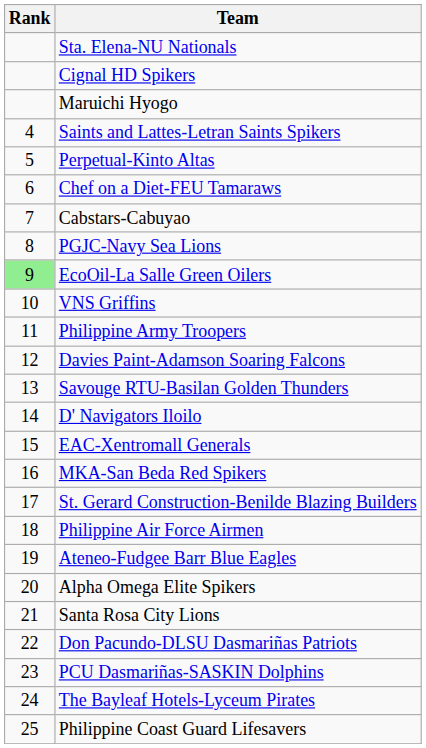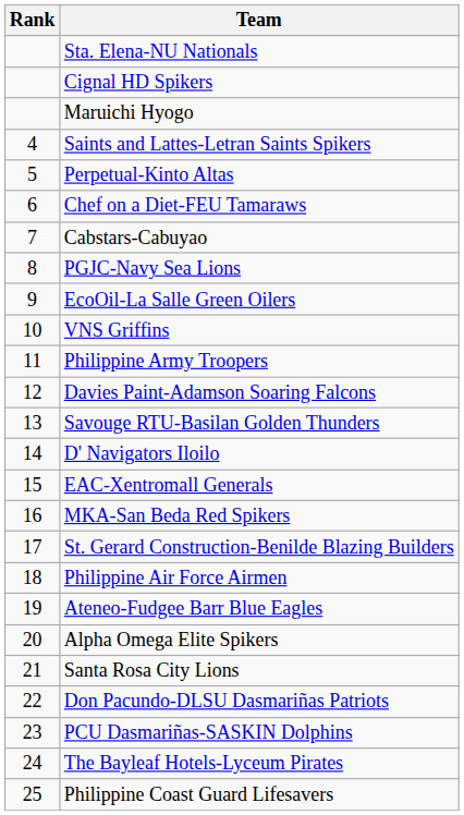 <table class="wikitable" style="text-align: center;">
 <tr>
 <th>Rank</th>
 <th>Team</th>
 </tr>
 <tr>
 <td></td>
 <td style="text-align:left"><a href='#'>Sta. Elena-NU Nationals</a></td>
 </tr>
 <tr>
 <td></td>
 <td style="text-align:left"><a href='#'>Cignal HD Spikers</a></td>
 </tr>
 <tr>
 <td></td>
 <td style="text-align:left">Maruichi Hyogo</td>
 </tr>
 <tr>
 <td>4</td>
 <td style="text-align:left"><a href='#'>Saints and Lattes-Letran Saints Spikers</a></td>
 </tr>
 <tr>
 <td>5</td>
 <td style="text-align:left"><a href='#'>Perpetual-Kinto Altas</a></td>
 </tr>
 <tr>
 <td>6</td>
 <td style="text-align:left"><a href='#'>Chef on a Diet-FEU Tamaraws</a></td>
 </tr>
 <tr>
 <td>7</td>
 <td style="text-align:left">Cabstars-Cabuyao</td>
 </tr>
 <tr>
 <td>8</td>
 <td style="text-align:left"><a href='#'>PGJC-Navy Sea Lions</a></td>
 </tr>
 <tr>
-<td style="background: lightgreen;">9</td>
+<td>9</td>
 <td style="text-align:left"><a href='#'>EcoOil-La Salle Green Oilers</a></td>
 </tr>
 <tr>
 <td>10</td>
 <td style="text-align:left"><a href='#'>VNS Griffins</a></td>
 </tr>
 <tr>
 <td>11</td>
 <td style="text-align:left"><a href='#'>Philippine Army Troopers</a></td>
 </tr>
 <tr>
 <td>12</td>
 <td style="text-align:left"><a href='#'>Davies Paint-Adamson Soaring Falcons</a></td>
 </tr>
 <tr>
 <td>13</td>
 <td style="text-align:left"><a href='#'>Savouge RTU-Basilan Golden Thunders</a></td>
 </tr>
 <tr>
 <td>14</td>
 <td style="text-align:left"><a href='#'>D' Navigators Iloilo</a></td>
 </tr>
 <tr>
 <td>15</td>
 <td style="text-align:left"><a href='#'>EAC-Xentromall Generals</a></td>
 </tr>
 <tr>
 <td>16</td>
 <td style="text-align:left"><a href='#'>MKA-San Beda Red Spikers</a></td>
 </tr>
 <tr>
 <td>17</td>
 <td style="text-align:left"><a href='#'>St. Gerard Construction-Benilde Blazing Builders</a></td>
 </tr>
 <tr>
 <td>18</td>
 <td style="text-align:left"><a href='#'>Philippine Air Force Airmen</a></td>
 </tr>
 <tr>
 <td>19</td>
 <td style="text-align:left"><a href='#'>Ateneo-Fudgee Barr Blue Eagles</a></td>
 </tr>
 <tr>
 <td>20</td>
 <td style="text-align:left">Alpha Omega Elite Spikers</td>
 </tr>
 <tr>
 <td>21</td>
 <td style="text-align:left">Santa Rosa City Lions</td>
 </tr>
 <tr>
 <td>22</td>
 <td style="text-align:left"><a href='#'>Don Pacundo-DLSU Dasmariñas Patriots</a></td>
 </tr>
 <tr>
 <td>23</td>
 <td style="text-align:left"><a href='#'>PCU Dasmariñas-SASKIN Dolphins</a></td>
 </tr>
 <tr>
 <td>24</td>
 <td style="text-align:left"><a href='#'>The Bayleaf Hotels-Lyceum Pirates</a></td>
 </tr>
 <tr>
 <td>25</td>
 <td style="text-align:left">Philippine Coast Guard Lifesavers</td>
 </tr>
 </table>
